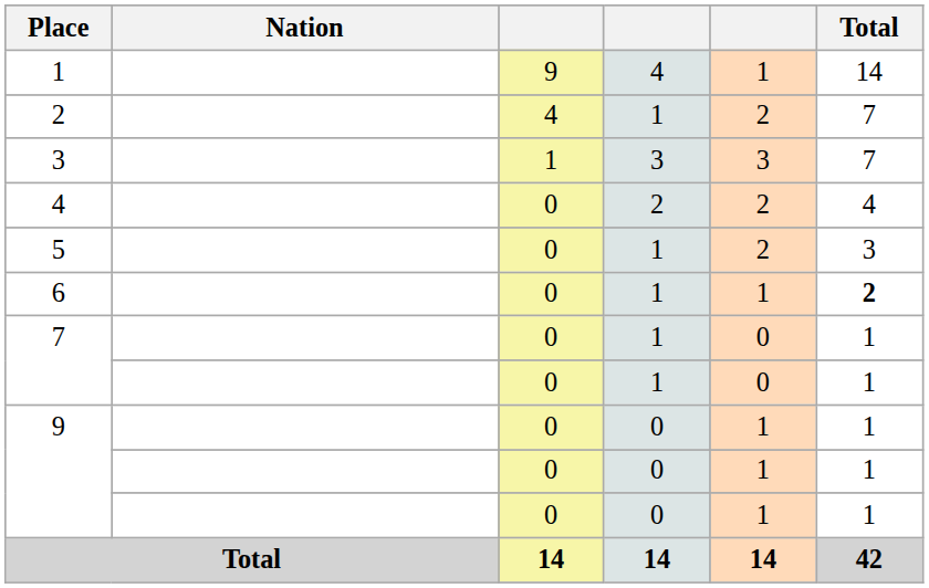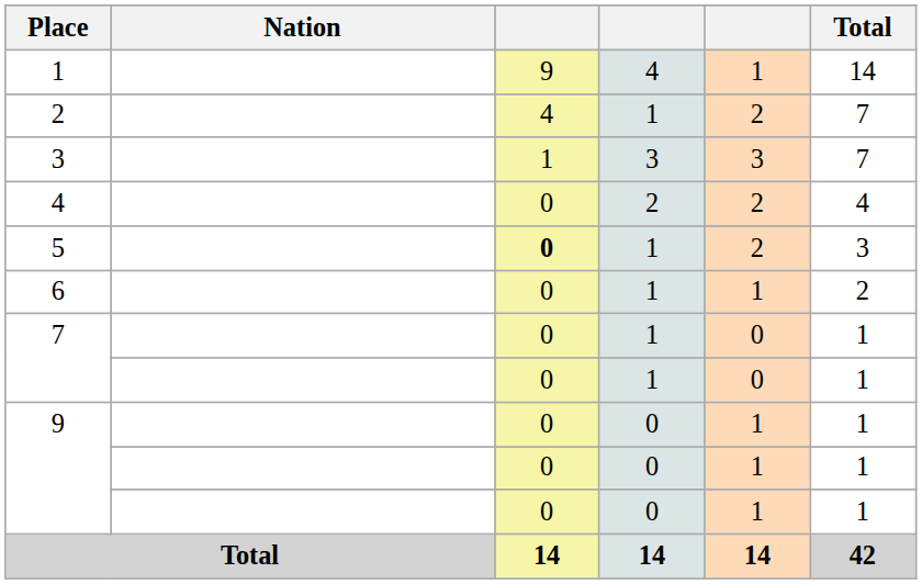 <table class=wikitable style="border:1px solid #AAAAAA;font-size:90%">
 <tr bgcolor="#EFEFEF">
 <th width=50>Place</th>
 <th width=200>Nation</th>
 <th width=50></th>
 <th width=50></th>
 <th width=50></th>
 <th width=50>Total</th>
 </tr>
 <tr align="center" valign="top" bgcolor="#FFFFFF">
 <td>1</td>
 <td align="left"></td>
 <td style="background:#F7F6A8;">9</td>
 <td style="background:#DCE5E5;">4</td>
 <td style="background:#FFDAB9;">1</td>
 <td>14</td>
 </tr>
 <tr align="center" valign="top" bgcolor="#FFFFFF">
 <td>2</td>
 <td align="left"></td>
 <td style="background:#F7F6A8;">4</td>
 <td style="background:#DCE5E5;">1</td>
 <td style="background:#FFDAB9;">2</td>
 <td>7</td>
 </tr>
 <tr align="center" valign="top" bgcolor="#FFFFFF">
 <td>3</td>
 <td align="left"></td>
 <td style="background:#F7F6A8;">1</td>
 <td style="background:#DCE5E5;">3</td>
 <td style="background:#FFDAB9;">3</td>
 <td>7</td>
 </tr>
 <tr align="center" valign="top" bgcolor="#FFFFFF">
 <td>4</td>
 <td align="left"></td>
 <td style="background:#F7F6A8;">0</td>
 <td style="background:#DCE5E5;">2</td>
 <td style="background:#FFDAB9;">2</td>
 <td>4</td>
 </tr>
 <tr align="center" valign="top" bgcolor="#FFFFFF">
 <td>5</td>
 <td align="left"></td>
-<td style="background:#F7F6A8;">0</td>
+<td style="background:#F7F6A8;"><strong>0</strong></td>
 <td style="background:#DCE5E5;">1</td>
 <td style="background:#FFDAB9;">2</td>
 <td>3</td>
 </tr>
 <tr align="center" valign="top" bgcolor="#FFFFFF">
 <td>6</td>
 <td align="left"></td>
 <td style="background:#F7F6A8;">0</td>
 <td style="background:#DCE5E5;">1</td>
 <td style="background:#FFDAB9;">1</td>
-<td><strong>2</strong></td>
+<td>2</td>
 </tr>
 <tr align="center" valign="top" bgcolor="#FFFFFF">
 <td rowspan="2" valign="center">7</td>
 <td align="left"></td>
 <td style="background:#F7F6A8;">0</td>
 <td style="background:#DCE5E5;">1</td>
 <td style="background:#FFDAB9;">0</td>
 <td>1</td>
 </tr>
 <tr align="center" valign="top" bgcolor="#FFFFFF">
 <td align="left"></td>
 <td style="background:#F7F6A8;">0</td>
 <td style="background:#DCE5E5;">1</td>
 <td style="background:#FFDAB9;">0</td>
 <td>1</td>
 </tr>
 <tr align="center" valign="top" bgcolor="#FFFFFF">
 <td rowspan="3" valign="center">9</td>
 <td align="left"></td>
 <td style="background:#F7F6A8;">0</td>
 <td style="background:#DCE5E5;">0</td>
 <td style="background:#FFDAB9;">1</td>
 <td>1</td>
 </tr>
 <tr align="center" valign="top" bgcolor="#FFFFFF">
 <td align="left"></td>
 <td style="background:#F7F6A8;">0</td>
 <td style="background:#DCE5E5;">0</td>
 <td style="background:#FFDAB9;">1</td>
 <td>1</td>
 </tr>
 <tr align="center" valign="top" bgcolor="#FFFFFF">
 <td align="left"></td>
 <td style="background:#F7F6A8;">0</td>
 <td style="background:#DCE5E5;">0</td>
 <td style="background:#FFDAB9;">1</td>
 <td>1</td>
 </tr>
 <tr align="center">
 <td colspan="2" bgcolor=D3D3D3><strong>Total</strong></td>
 <td style="background:#F7F6A8;"><strong>14</strong></td>
 <td style="background:#DCE5E5;"><strong>14</strong></td>
 <td style="background:#FFDAB9;"><strong>14</strong></td>
 <td bgcolor=D3D3D3><strong>42</strong></td>
 </tr>
 </table>
